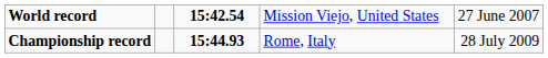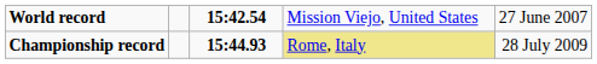 <table class="wikitable">
 <tr>
 <td><strong>World record</strong></td>
 <td style="padding-right:1em"></td>
 <td style="text-align:center;padding-left:1em; padding-right:1em;"><strong>15:42.54</strong></td>
 <td style="padding-right:1em"><a href='#'>Mission Viejo</a>, <a href='#'>United States</a></td>
 <td align=right>27 June 2007</td>
 </tr>
 <tr>
 <td><strong>Championship record</strong></td>
 <td style="padding-right:1em"></td>
 <td style="text-align:center;padding-left:1em; padding-right:1em;"><strong>15:44.93</strong></td>
-<td style="padding-right:1em"><a href='#'>Rome</a>, <a href='#'>Italy</a></td>
+<td style="background: khaki; padding-right:1em"><a href='#'>Rome</a>, <a href='#'>Italy</a></td>
 <td align=right>28 July 2009</td>
 </tr>
 </table>
